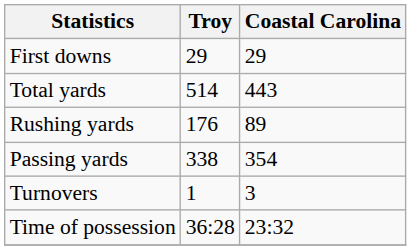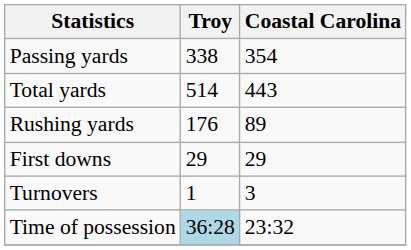 <table class="wikitable">
 <tr>
 <th>Statistics</th>
 <th>Troy</th>
 <th>Coastal Carolina</th>
 </tr>
 <tr>
-<td>First downs</td>
-<td>29</td>
-<td>29</td>
+<td>Passing yards</td>
+<td>338</td>
+<td>354</td>
 </tr>
 <tr>
 <td>Total yards</td>
 <td>514</td>
 <td>443</td>
 </tr>
 <tr>
 <td>Rushing yards</td>
 <td>176</td>
 <td>89</td>
 </tr>
 <tr>
-<td>Passing yards</td>
-<td>338</td>
-<td>354</td>
+<td>First downs</td>
+<td>29</td>
+<td>29</td>
 </tr>
 <tr>
 <td>Turnovers</td>
 <td>1</td>
 <td>3</td>
 </tr>
 <tr>
 <td>Time of possession</td>
-<td>36:28</td>
+<td style="background: lightblue;">36:28</td>
 <td>23:32</td>
 </tr>
 <tr>
 </tr>
 </table>
